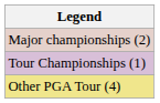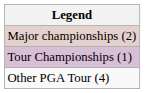 <table class="wikitable" style="font-size:95%;">
 <tr>
 <th>Legend</th>
 </tr>
 <tr style="background:#e5d1cb;">
 <td>Major championships (2)</td>
 </tr>
 <tr style="background:thistle;">
 <td>Tour Championships (1)</td>
 </tr>
 <tr>
-<td style="background: khaki;">Other PGA Tour (4)</td>
+<td>Other PGA Tour (4)</td>
 </tr>
 </table>
